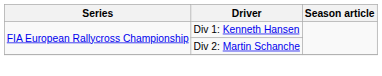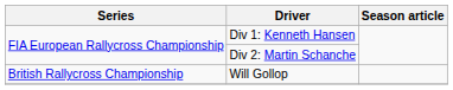 <table class="wikitable" style="font-size: 87%;">
 <tr>
 <th>Series</th>
 <th>Driver</th>
 <th>Season article</th>
 </tr>
 <tr>
 <td rowspan=2><a href='#'>FIA European Rallycross Championship</a></td>
 <td>Div 1:  <a href='#'>Kenneth Hansen</a></td>
 <td rowspan=2></td>
 </tr>
 <tr>
 <td>Div 2:  <a href='#'>Martin Schanche</a></td>
 </tr>
 <tr>
+<td><a href='#'>British Rallycross Championship</a></td>
+<td> Will Gollop</td>
+<td></td>
+</tr>
+<tr>
 </tr>
 </table>
